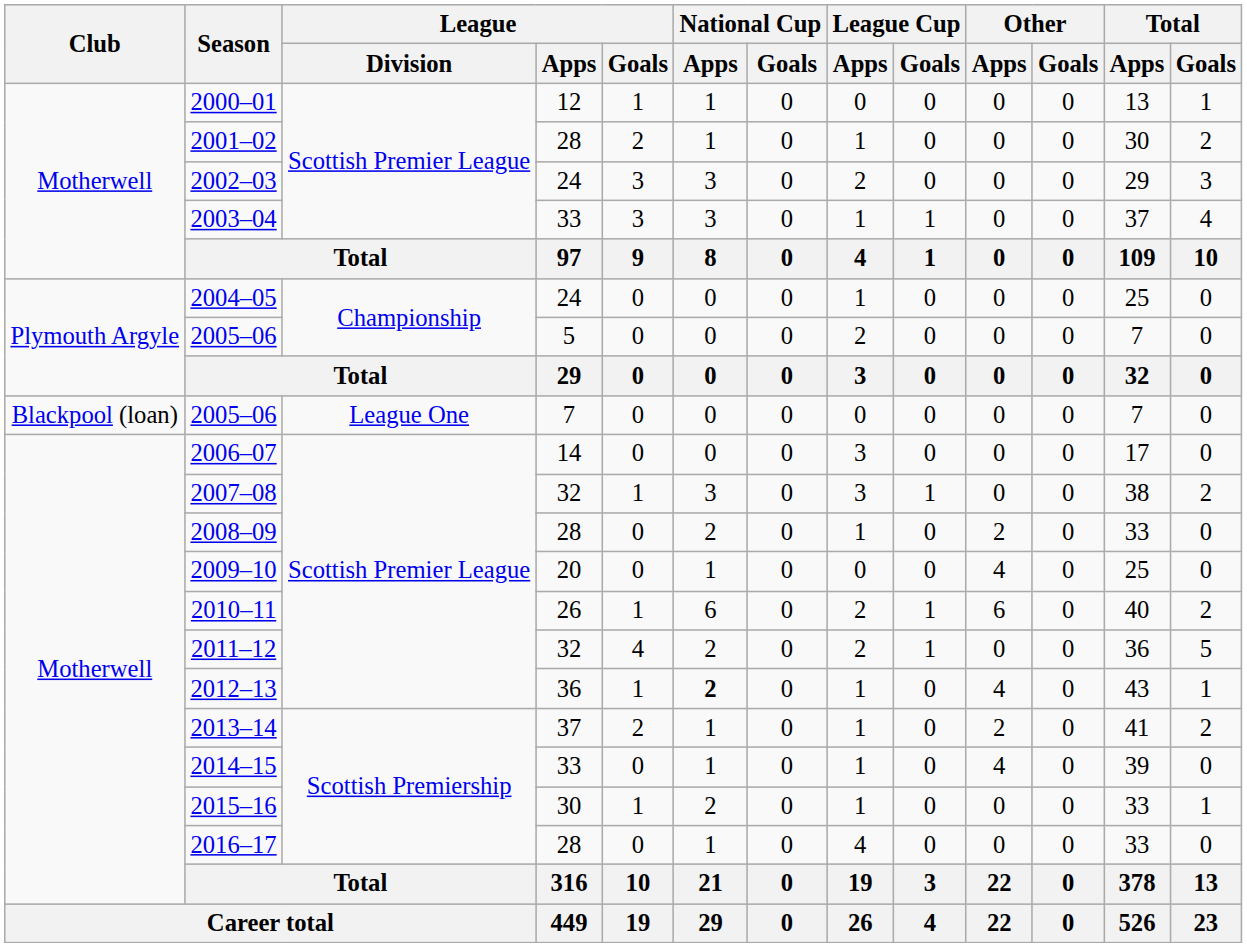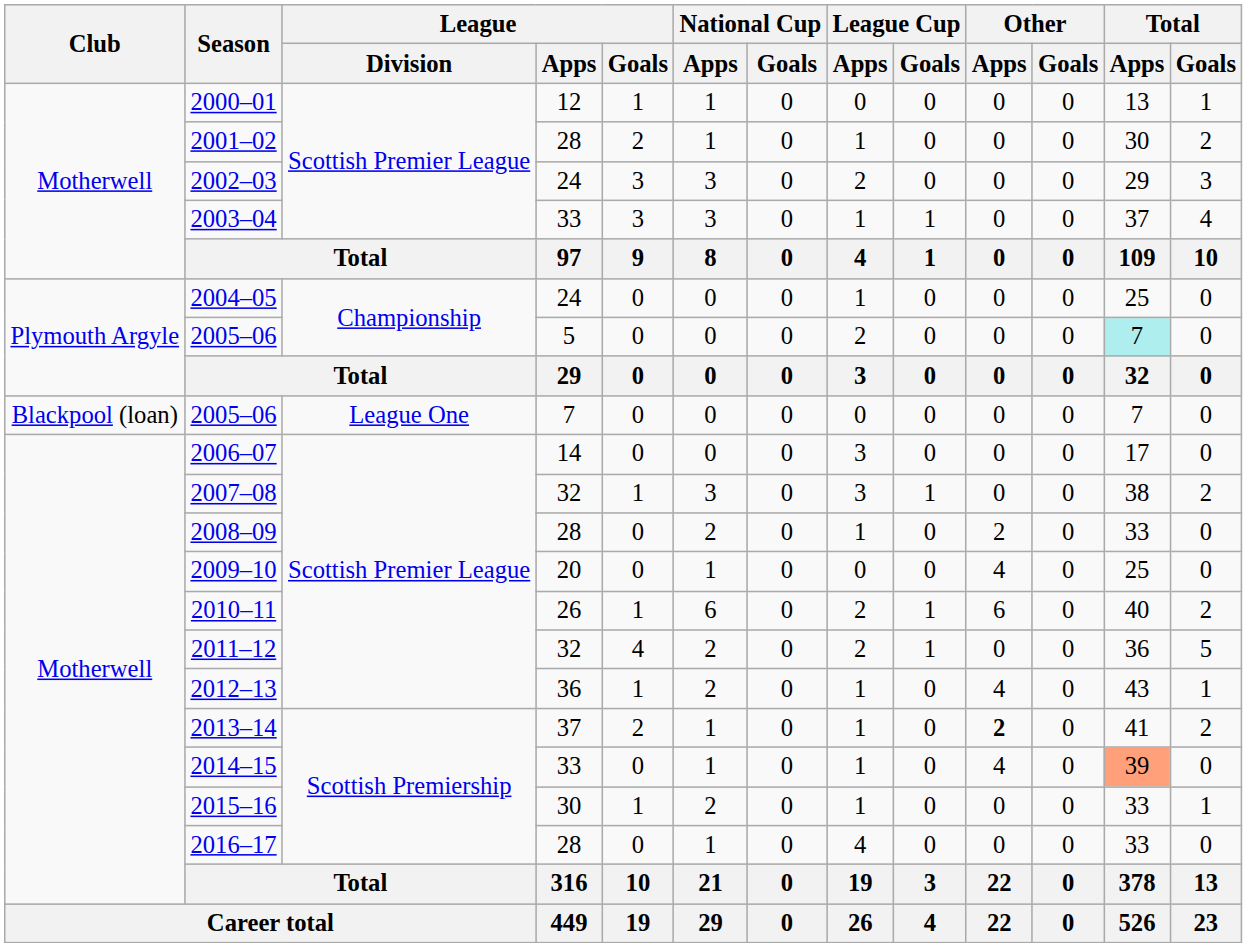 <table class="wikitable" style="text-align:center">
 <tr>
 <th rowspan="2">Club</th>
 <th rowspan="2">Season</th>
 <th colspan="3">League</th>
 <th colspan="2">National Cup</th>
 <th colspan="2">League Cup</th>
 <th colspan="2">Other</th>
 <th colspan="2">Total</th>
 </tr>
 <tr>
 <th>Division</th>
 <th>Apps</th>
 <th>Goals</th>
 <th>Apps</th>
 <th>Goals</th>
 <th>Apps</th>
 <th>Goals</th>
 <th>Apps</th>
 <th>Goals</th>
 <th>Apps</th>
 <th>Goals</th>
 </tr>
 <tr>
 <td rowspan="5"><a href='#'>Motherwell</a></td>
 <td><a href='#'>2000–01</a></td>
 <td rowspan="4"><a href='#'>Scottish Premier League</a></td>
 <td>12</td>
 <td>1</td>
 <td>1</td>
 <td>0</td>
 <td>0</td>
 <td>0</td>
 <td>0</td>
 <td>0</td>
 <td>13</td>
 <td>1</td>
 </tr>
 <tr>
 <td><a href='#'>2001–02</a></td>
 <td>28</td>
 <td>2</td>
 <td>1</td>
 <td>0</td>
 <td>1</td>
 <td>0</td>
 <td>0</td>
 <td>0</td>
 <td>30</td>
 <td>2</td>
 </tr>
 <tr>
 <td><a href='#'>2002–03</a></td>
 <td>24</td>
 <td>3</td>
 <td>3</td>
 <td>0</td>
 <td>2</td>
 <td>0</td>
 <td>0</td>
 <td>0</td>
 <td>29</td>
 <td>3</td>
 </tr>
 <tr>
 <td><a href='#'>2003–04</a></td>
 <td>33</td>
 <td>3</td>
 <td>3</td>
 <td>0</td>
 <td>1</td>
 <td>1</td>
 <td>0</td>
 <td>0</td>
 <td>37</td>
 <td>4</td>
 </tr>
 <tr>
 <th colspan="2">Total</th>
 <th>97</th>
 <th>9</th>
 <th>8</th>
 <th>0</th>
 <th>4</th>
 <th>1</th>
 <th>0</th>
 <th>0</th>
 <th>109</th>
 <th>10</th>
 </tr>
 <tr>
 <td rowspan="3"><a href='#'>Plymouth Argyle</a></td>
 <td><a href='#'>2004–05</a></td>
 <td rowspan="2"><a href='#'>Championship</a></td>
 <td>24</td>
 <td>0</td>
 <td>0</td>
 <td>0</td>
 <td>1</td>
 <td>0</td>
 <td>0</td>
 <td>0</td>
 <td>25</td>
 <td>0</td>
 </tr>
 <tr>
 <td><a href='#'>2005–06</a></td>
 <td>5</td>
 <td>0</td>
 <td>0</td>
 <td>0</td>
 <td>2</td>
 <td>0</td>
 <td>0</td>
 <td>0</td>
-<td>7</td>
+<td style="background: paleturquoise;">7</td>
 <td>0</td>
 </tr>
 <tr>
 <th colspan="2">Total</th>
 <th>29</th>
 <th>0</th>
 <th>0</th>
 <th>0</th>
 <th>3</th>
 <th>0</th>
 <th>0</th>
 <th>0</th>
 <th>32</th>
 <th>0</th>
 </tr>
 <tr>
 <td><a href='#'>Blackpool</a> (loan)</td>
 <td><a href='#'>2005–06</a></td>
 <td><a href='#'>League One</a></td>
 <td>7</td>
 <td>0</td>
 <td>0</td>
 <td>0</td>
 <td>0</td>
 <td>0</td>
 <td>0</td>
 <td>0</td>
 <td>7</td>
 <td>0</td>
 </tr>
 <tr>
 <td rowspan="12"><a href='#'>Motherwell</a></td>
 <td><a href='#'>2006–07</a></td>
 <td rowspan="7"><a href='#'>Scottish Premier League</a></td>
 <td>14</td>
 <td>0</td>
 <td>0</td>
 <td>0</td>
 <td>3</td>
 <td>0</td>
 <td>0</td>
 <td>0</td>
 <td>17</td>
 <td>0</td>
 </tr>
 <tr>
 <td><a href='#'>2007–08</a></td>
 <td>32</td>
 <td>1</td>
 <td>3</td>
 <td>0</td>
 <td>3</td>
 <td>1</td>
 <td>0</td>
 <td>0</td>
 <td>38</td>
 <td>2</td>
 </tr>
 <tr>
 <td><a href='#'>2008–09</a></td>
 <td>28</td>
 <td>0</td>
 <td>2</td>
 <td>0</td>
 <td>1</td>
 <td>0</td>
 <td>2</td>
 <td>0</td>
 <td>33</td>
 <td>0</td>
 </tr>
 <tr>
 <td><a href='#'>2009–10</a></td>
 <td>20</td>
 <td>0</td>
 <td>1</td>
 <td>0</td>
 <td>0</td>
 <td>0</td>
 <td>4</td>
 <td>0</td>
 <td>25</td>
 <td>0</td>
 </tr>
 <tr>
 <td><a href='#'>2010–11</a></td>
 <td>26</td>
 <td>1</td>
 <td>6</td>
 <td>0</td>
 <td>2</td>
 <td>1</td>
 <td>6</td>
 <td>0</td>
 <td>40</td>
 <td>2</td>
 </tr>
 <tr>
 <td><a href='#'>2011–12</a></td>
 <td>32</td>
 <td>4</td>
 <td>2</td>
 <td>0</td>
 <td>2</td>
 <td>1</td>
 <td>0</td>
 <td>0</td>
 <td>36</td>
 <td>5</td>
 </tr>
 <tr>
 <td><a href='#'>2012–13</a></td>
 <td>36</td>
 <td>1</td>
-<td><strong>2</strong></td>
+<td>2</td>
 <td>0</td>
 <td>1</td>
 <td>0</td>
 <td>4</td>
 <td>0</td>
 <td>43</td>
 <td>1</td>
 </tr>
 <tr>
 <td><a href='#'>2013–14</a></td>
 <td rowspan="4"><a href='#'>Scottish Premiership</a></td>
 <td>37</td>
 <td>2</td>
 <td>1</td>
 <td>0</td>
 <td>1</td>
 <td>0</td>
-<td>2</td>
+<td><strong>2</strong></td>
 <td>0</td>
 <td>41</td>
 <td>2</td>
 </tr>
 <tr>
 <td><a href='#'>2014–15</a></td>
 <td>33</td>
 <td>0</td>
 <td>1</td>
 <td>0</td>
 <td>1</td>
 <td>0</td>
 <td>4</td>
 <td>0</td>
-<td>39</td>
+<td style="background: lightsalmon;">39</td>
 <td>0</td>
 </tr>
 <tr>
 <td><a href='#'>2015–16</a></td>
 <td>30</td>
 <td>1</td>
 <td>2</td>
 <td>0</td>
 <td>1</td>
 <td>0</td>
 <td>0</td>
 <td>0</td>
 <td>33</td>
 <td>1</td>
 </tr>
 <tr>
 <td><a href='#'>2016–17</a></td>
 <td>28</td>
 <td>0</td>
 <td>1</td>
 <td>0</td>
 <td>4</td>
 <td>0</td>
 <td>0</td>
 <td>0</td>
 <td>33</td>
 <td>0</td>
 </tr>
 <tr>
 <th colspan="2">Total</th>
 <th>316</th>
 <th>10</th>
 <th>21</th>
 <th>0</th>
 <th>19</th>
 <th>3</th>
 <th>22</th>
 <th>0</th>
 <th>378</th>
 <th>13</th>
 </tr>
 <tr>
 <th colspan="3">Career total</th>
 <th>449</th>
 <th>19</th>
 <th>29</th>
 <th>0</th>
 <th>26</th>
 <th>4</th>
 <th>22</th>
 <th>0</th>
 <th>526</th>
 <th>23</th>
 </tr>
 </table>
